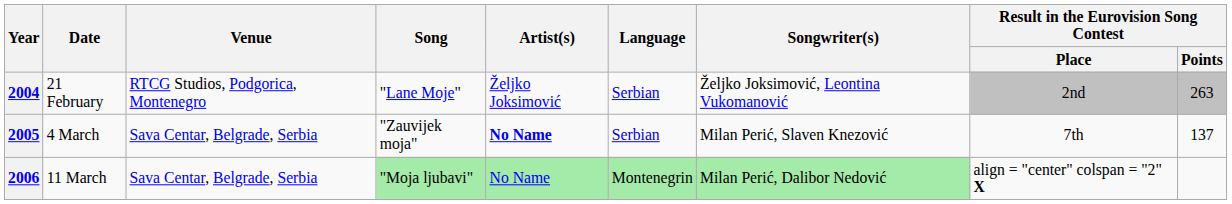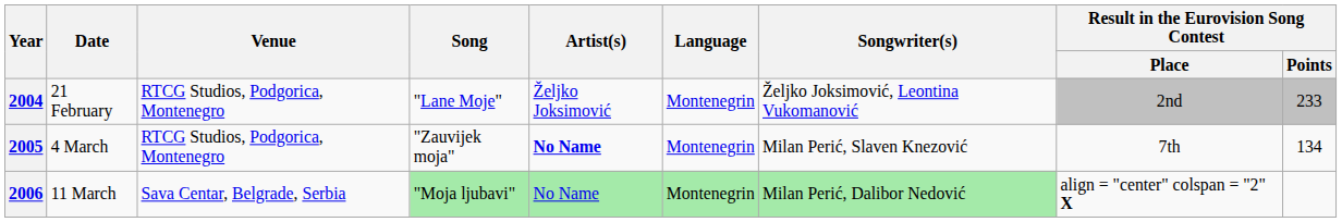 <table class="wikitable sortable">
 <tr>
 <th rowspan="2">Year</th>
 <th rowspan="2">Date</th>
 <th rowspan="2">Venue</th>
 <th rowspan="2">Song</th>
 <th rowspan="2">Artist(s)</th>
 <th rowspan="2">Language</th>
 <th rowspan="2">Songwriter(s)</th>
 <th colspan="2">Result in the Eurovision Song Contest</th>
 </tr>
 <tr>
 <th>Place</th>
 <th>Points</th>
 </tr>
 <tr>
 <th><a href='#'>2004</a></th>
 <td>21 February</td>
 <td> <a href='#'>RTCG</a> Studios, <a href='#'>Podgorica</a>, <a href='#'>Montenegro</a></td>
 <td>"<a href='#'>Lane Moje</a>"</td>
 <td><a href='#'>Željko Joksimović</a></td>
-<td><a href='#'>Serbian</a></td>
+<td><a href='#'>Montenegrin</a></td>
 <td>Željko Joksimović, <a href='#'>Leontina Vukomanović</a></td>
 <td align = "center" bgcolor="silver">2nd</td>
-<td bgcolor="silver" align = "center">263</td>
+<td bgcolor="silver" align = "center">233</td>
 </tr>
 <tr>
 <th><a href='#'>2005</a></th>
 <td>4 March</td>
-<td> <a href='#'>Sava Centar</a>, <a href='#'>Belgrade</a>, <a href='#'>Serbia</a></td>
+<td> <a href='#'>RTCG</a> Studios, <a href='#'>Podgorica</a>, <a href='#'>Montenegro</a></td>
 <td>"Zauvijek moja"</td>
 <td><strong><a href='#'>No Name</a></strong></td>
-<td><a href='#'>Serbian</a></td>
+<td><a href='#'>Montenegrin</a></td>
 <td>Milan Perić, Slaven Knezović</td>
 <td align = "center">7th</td>
-<td align = "center">137</td>
+<td align = "center">134</td>
 </tr>
 <tr>
 <th><a href='#'>2006</a></th>
 <td>11 March</td>
 <td> <a href='#'>Sava Centar</a>, <a href='#'>Belgrade</a>, <a href='#'>Serbia</a></td>
 <td bgcolor="#A4EAA9">"Moja ljubavi"</td>
 <td bgcolor="#A4EAA9"><a href='#'>No Name</a></td>
 <td bgcolor="#A4EAA9">Montenegrin</td>
 <td bgcolor="#A4EAA9">Milan Perić, Dalibor Nedović</td>
 <td>align = "center" colspan = "2"  <strong>X</strong></td>
 </tr>
 <tr>
 </tr>
 </table>
